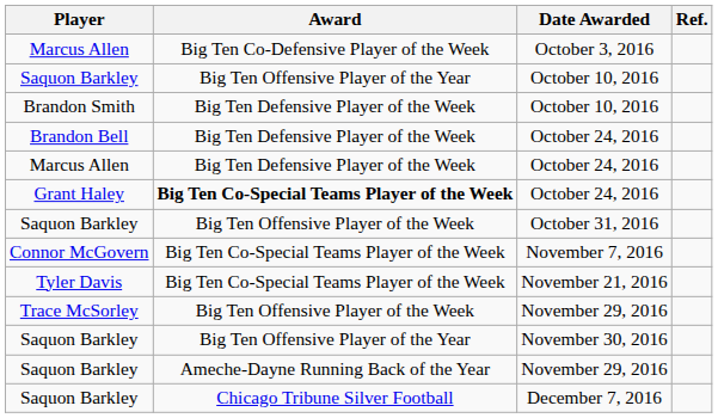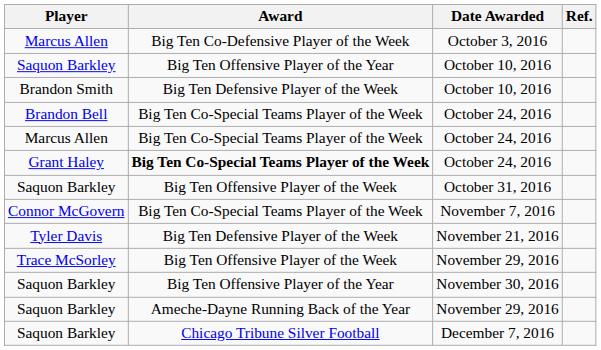 <table class="wikitable sortable sortable" style="text-align: center">
 <tr>
 <th>Player</th>
 <th>Award</th>
 <th>Date Awarded</th>
 <th>Ref.</th>
 </tr>
 <tr>
 <td><a href='#'>Marcus Allen</a></td>
 <td>Big Ten Co-Defensive Player of the Week</td>
 <td>October 3, 2016</td>
 <td></td>
 </tr>
 <tr>
 <td><a href='#'>Saquon Barkley</a></td>
 <td>Big Ten Offensive Player of the Year</td>
 <td>October 10, 2016</td>
 <td></td>
 </tr>
 <tr>
 <td>Brandon Smith</td>
 <td>Big Ten Defensive Player of the Week</td>
 <td>October 10, 2016</td>
 <td></td>
 </tr>
 <tr>
 <td><a href='#'>Brandon Bell</a></td>
-<td>Big Ten Defensive Player of the Week</td>
+<td>Big Ten Co-Special Teams Player of the Week</td>
 <td>October 24, 2016</td>
 <td></td>
 </tr>
 <tr>
 <td>Marcus Allen</td>
-<td>Big Ten Defensive Player of the Week</td>
+<td>Big Ten Co-Special Teams Player of the Week</td>
 <td>October 24, 2016</td>
 <td></td>
 </tr>
 <tr>
 <td><a href='#'>Grant Haley</a></td>
 <td><strong>Big Ten Co-Special Teams Player of the Week</strong></td>
 <td>October 24, 2016</td>
 <td></td>
 </tr>
 <tr>
 <td>Saquon Barkley</td>
 <td>Big Ten Offensive Player of the Week</td>
 <td>October 31, 2016</td>
 <td></td>
 </tr>
 <tr>
 <td><a href='#'>Connor McGovern</a></td>
 <td>Big Ten Co-Special Teams Player of the Week</td>
 <td>November 7, 2016</td>
 <td></td>
 </tr>
 <tr>
 <td><a href='#'>Tyler Davis</a></td>
-<td>Big Ten Co-Special Teams Player of the Week</td>
+<td>Big Ten Defensive Player of the Week</td>
 <td>November 21, 2016</td>
 <td></td>
 </tr>
 <tr>
 <td><a href='#'>Trace McSorley</a></td>
 <td>Big Ten Offensive Player of the Week</td>
 <td>November 29, 2016</td>
 <td></td>
 </tr>
 <tr>
 <td>Saquon Barkley</td>
 <td>Big Ten Offensive Player of the Year</td>
 <td>November 30, 2016</td>
 <td></td>
 </tr>
 <tr>
 <td>Saquon Barkley</td>
 <td>Ameche-Dayne Running Back of the Year</td>
 <td>November 29, 2016</td>
 <td></td>
 </tr>
 <tr>
 <td>Saquon Barkley</td>
 <td><a href='#'>Chicago Tribune Silver Football</a></td>
 <td>December 7, 2016</td>
 <td></td>
 </tr>
 </table>
